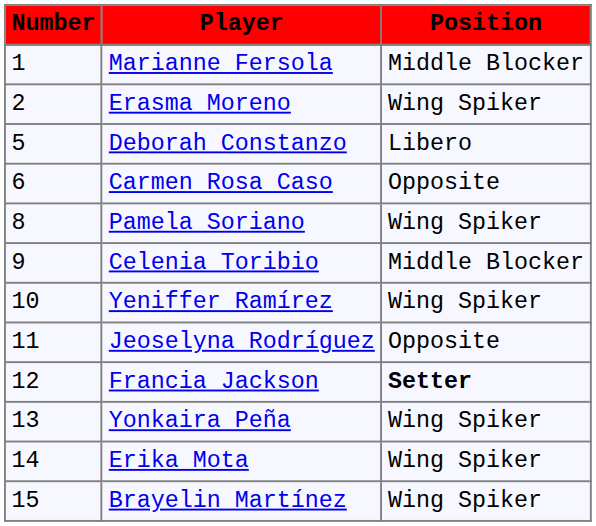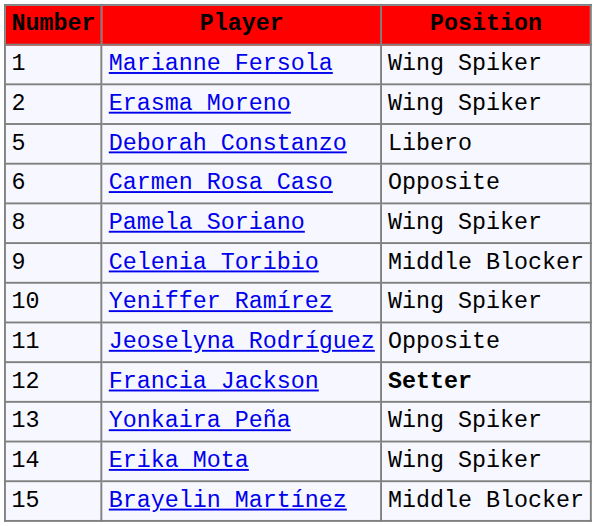 <table bgcolor="#f7f8ff" cellpadding="3" cellspacing="0" border="1" style="font-size: 95%; border: gray solid 1px; border-collapse: collapse">
 <tr bgcolor="#ff0000">
 <td align=center><strong>Number</strong></td>
 <td align=center><strong>Player</strong></td>
 <td align=center><strong>Position</strong></td>
 </tr>
 <tr align="left">
 <td>1</td>
 <td> <a href='#'>Marianne Fersola</a></td>
-<td>Middle Blocker</td>
+<td>Wing Spiker</td>
 </tr>
 <tr align=left>
 <td>2</td>
 <td> <a href='#'>Erasma Moreno</a></td>
 <td>Wing Spiker</td>
 </tr>
 <tr align="left">
 <td>5</td>
 <td> <a href='#'>Deborah Constanzo</a></td>
 <td>Libero</td>
 </tr>
 <tr align="left">
 <td>6</td>
 <td> <a href='#'>Carmen Rosa Caso</a></td>
 <td>Opposite</td>
 </tr>
 <tr align="left">
 <td>8</td>
 <td> <a href='#'>Pamela Soriano</a></td>
 <td>Wing Spiker</td>
 </tr>
 <tr align="left">
 <td>9</td>
 <td> <a href='#'>Celenia Toribio</a></td>
 <td>Middle Blocker</td>
 </tr>
 <tr align="left">
 <td>10</td>
 <td> <a href='#'>Yeniffer Ramírez</a></td>
 <td>Wing Spiker</td>
 </tr>
 <tr align="left">
 <td>11</td>
 <td> <a href='#'>Jeoselyna Rodríguez</a></td>
 <td>Opposite</td>
 </tr>
 <tr align="left">
 <td>12</td>
 <td> <a href='#'>Francia Jackson</a></td>
 <td><strong>Setter</strong></td>
 </tr>
 <tr align="left">
 <td>13</td>
 <td> <a href='#'>Yonkaira Peña</a></td>
 <td>Wing Spiker</td>
 </tr>
 <tr align="left">
 <td>14</td>
 <td> <a href='#'>Erika Mota</a></td>
 <td>Wing Spiker</td>
 </tr>
 <tr align="left">
 <td>15</td>
 <td> <a href='#'>Brayelin Martínez</a></td>
-<td>Wing Spiker</td>
+<td>Middle Blocker</td>
 </tr>
 </table>
